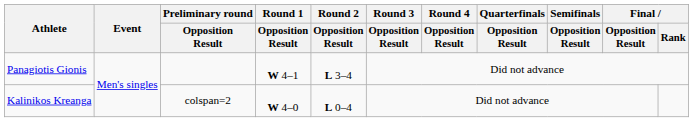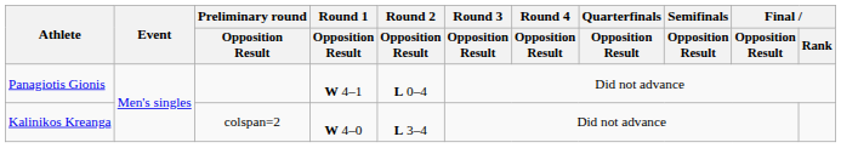 <table class="wikitable" style="font-size:90%">
 <tr>
 <th rowspan="2">Athlete</th>
 <th rowspan="2">Event</th>
 <th>Preliminary round</th>
 <th>Round 1</th>
 <th>Round 2</th>
 <th>Round 3</th>
 <th>Round 4</th>
 <th>Quarterfinals</th>
 <th>Semifinals</th>
 <th colspan=2>Final / </th>
 </tr>
 <tr style="font-size:95%">
 <th>Opposition<br>Result</th>
 <th>Opposition<br>Result</th>
 <th>Opposition<br>Result</th>
 <th>Opposition<br>Result</th>
 <th>Opposition<br>Result</th>
 <th>Opposition<br>Result</th>
 <th>Opposition<br>Result</th>
 <th>Opposition<br>Result</th>
 <th>Rank</th>
 </tr>
 <tr align=center>
 <td align=left><a href='#'>Panagiotis Gionis</a></td>
 <td align=left rowspan=2><a href='#'>Men's singles</a></td>
 <td></td>
 <td><br><strong>W</strong> 4–1</td>
-<td><br><strong>L</strong> 3–4</td>
+<td><br><strong>L</strong> 0–4</td>
 <td colspan=6>Did not advance</td>
 </tr>
 <tr align=center>
 <td align=left><a href='#'>Kalinikos Kreanga</a></td>
 <td>colspan=2 </td>
 <td><br><strong>W</strong> 4–0</td>
-<td><br><strong>L</strong> 0–4</td>
+<td><br><strong>L</strong> 3–4</td>
 <td colspan=5>Did not advance</td>
 </tr>
 </table>
